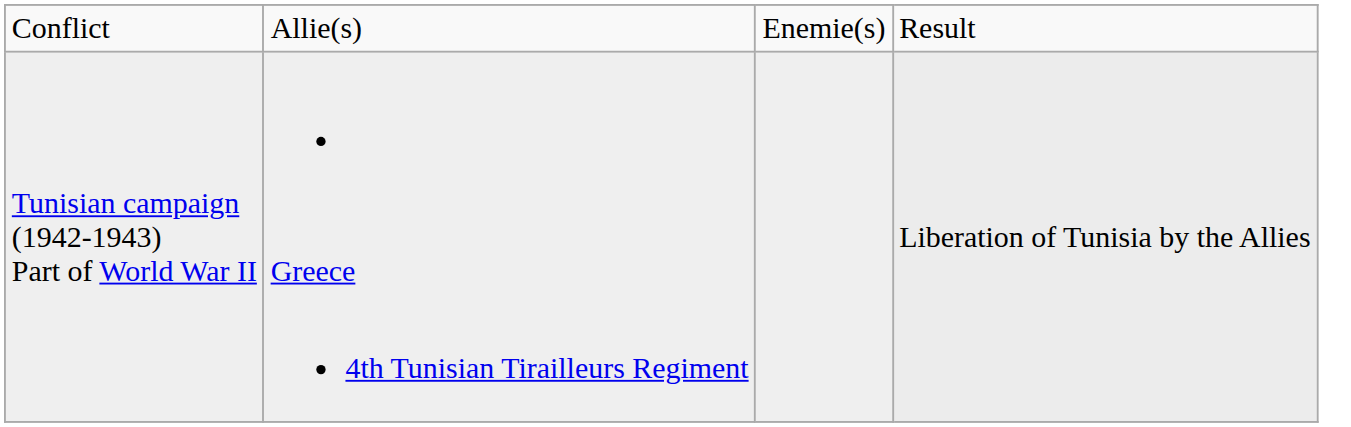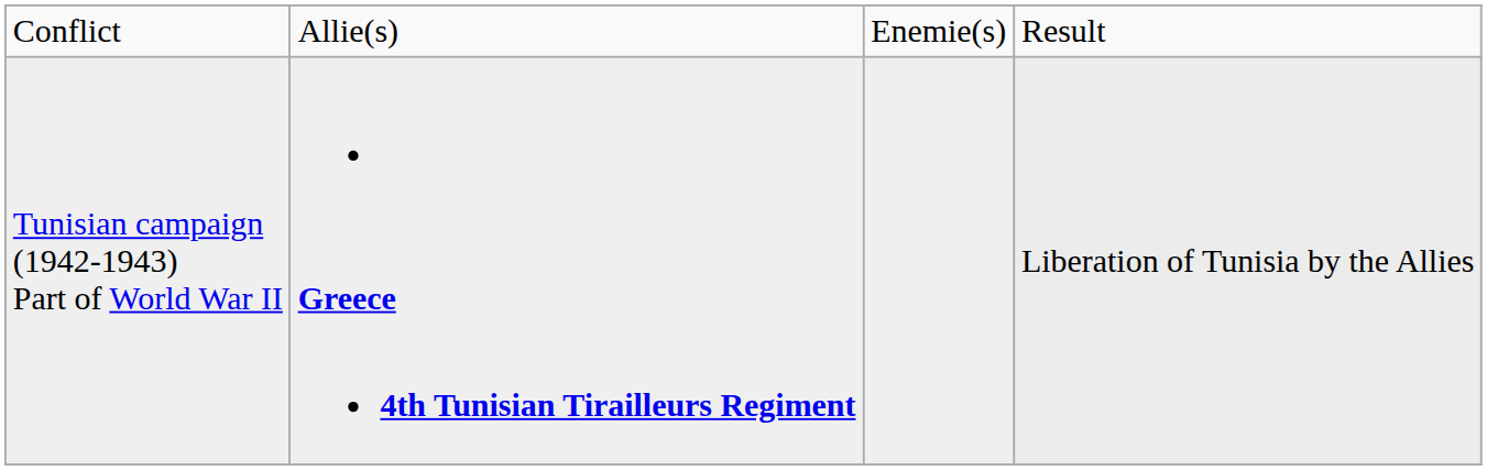 <table class="wikitable">
 <tr>
 <td>Conflict</td>
 <td>Allie(s)</td>
 <td>Enemie(s)</td>
 <td>Result</td>
 </tr>
 <tr>
 <td style="background:#efefef"><a href='#'>Tunisian campaign</a> <br>(1942-1943) <br> Part of <a href='#'>World War II</a></td>
-<td style="background:#efefef"><br><ul><li></li></ul><br><br> <a href='#'>Greece</a> <br><br><ul><li><a href='#'>4th Tunisian Tirailleurs Regiment</a></li></ul></td>
+<td style="background:#efefef"><strong><br><ul><li></li></ul><br><br> <a href='#'>Greece</a> <br><br><ul><li><a href='#'>4th Tunisian Tirailleurs Regiment</a></li></ul></strong></td>
 <td style="background:#efefef"><br><br></td>
 <td style="background:#ECECEC">Liberation of Tunisia by the Allies</td>
 </tr>
 </table>
